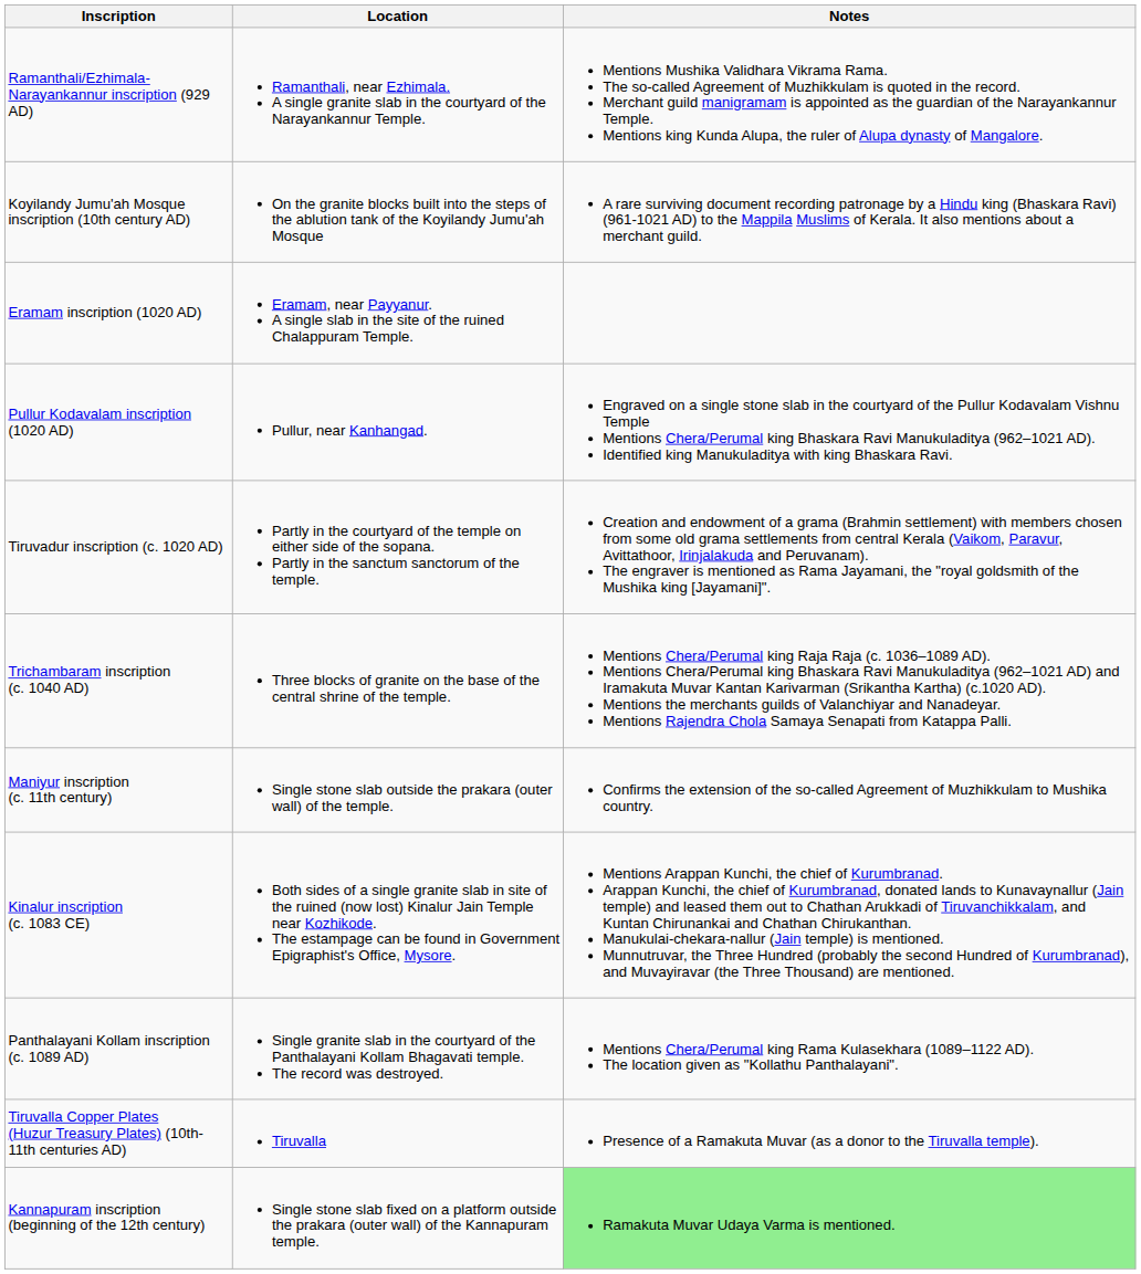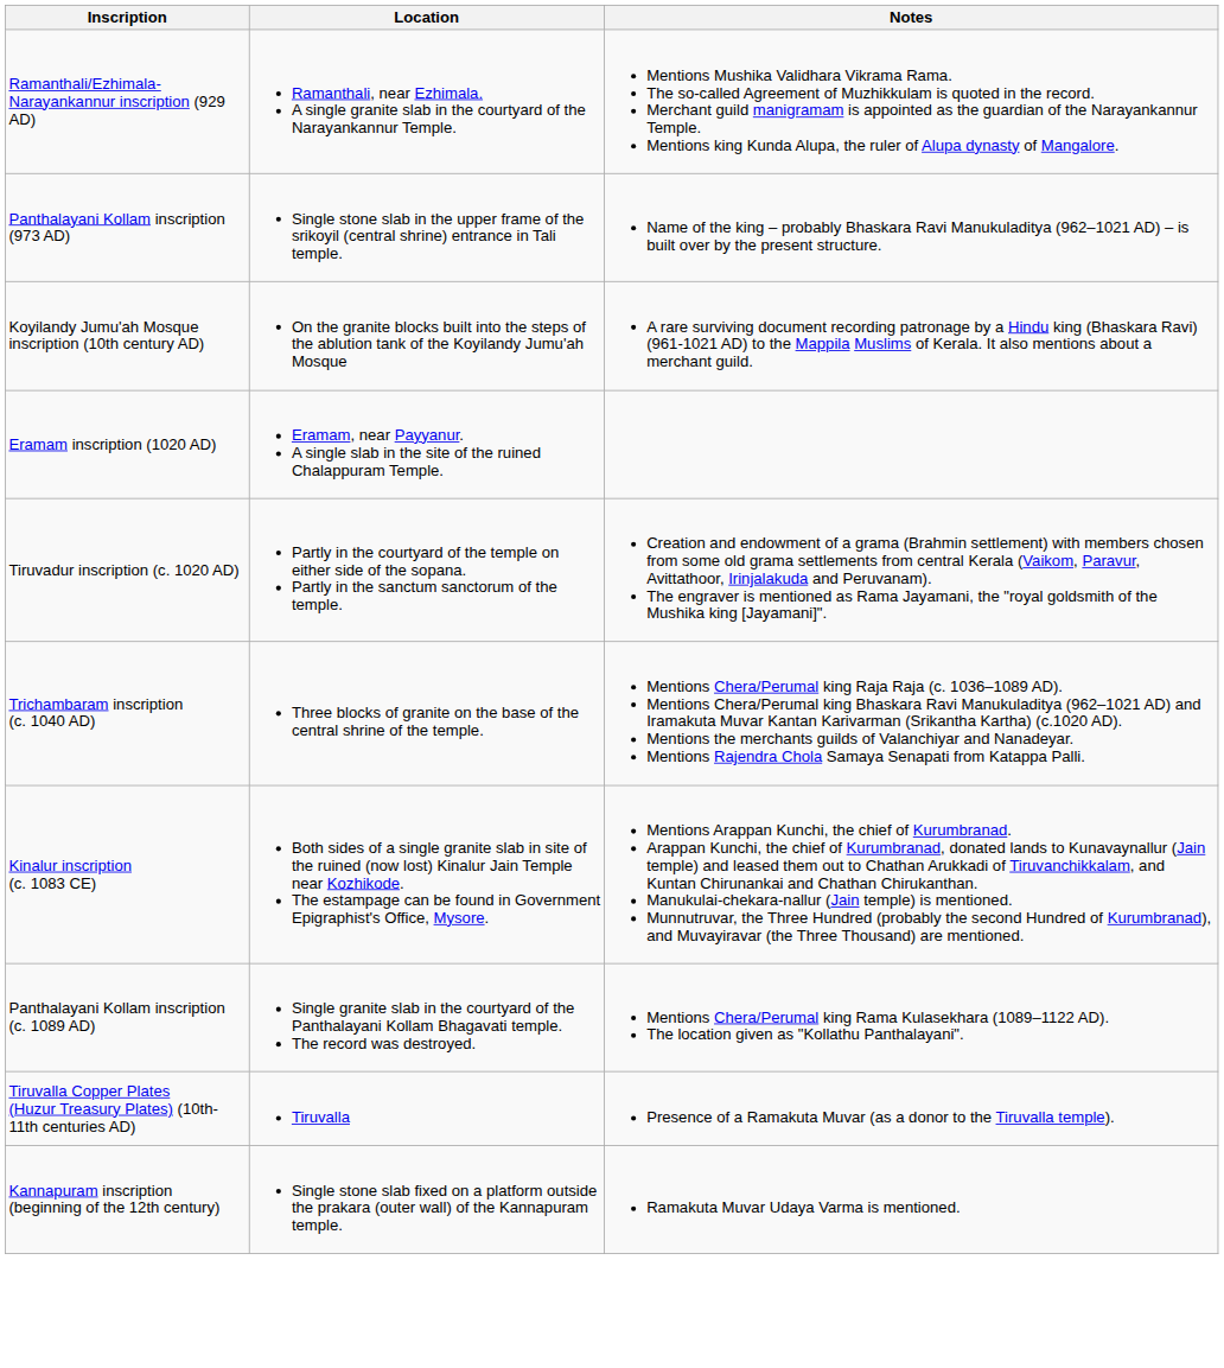 <table class="wikitable">
 <tr>
 <th>Inscription</th>
 <th>Location</th>
 <th>Notes</th>
 </tr>
 <tr>
 <td><a href='#'>Ramanthali/Ezhimala-Narayankannur inscription</a> (929 AD)</td>
 <td><br><ul><li><a href='#'>Ramanthali</a>, near <a href='#'>Ezhimala.</a></li><li>A single granite slab in the courtyard of the Narayankannur Temple.</li></ul></td>
 <td><br><ul><li>Mentions Mushika Validhara Vikrama Rama.</li><li>The so-called Agreement of Muzhikkulam is quoted in the record.</li><li>Merchant guild <a href='#'>manigramam</a> is appointed as the guardian of the Narayankannur Temple.</li><li>Mentions king Kunda Alupa, the ruler of <a href='#'>Alupa dynasty</a> of <a href='#'>Mangalore</a>.</li></ul></td>
 </tr>
 <tr>
+<td><a href='#'>Panthalayani Kollam</a> inscription (973 AD)</td>
+<td><br><ul><li>Single stone slab in the upper frame of the srikoyil (central shrine) entrance in Tali temple.</li></ul></td>
+<td><br><ul><li>Name of the king – probably Bhaskara Ravi Manukuladitya (962–1021 AD) – is built over by the present structure.</li></ul></td>
+</tr>
+<tr>
 <td>Koyilandy Jumu'ah Mosque inscription (10th century AD)</td>
 <td><br><ul><li>On the granite blocks built into the steps of the ablution tank of the Koyilandy Jumu'ah Mosque</li></ul></td>
 <td><br><ul><li>A rare surviving document recording patronage by a <a href='#'>Hindu</a> king (Bhaskara Ravi) (961-1021 AD) to the <a href='#'>Mappila</a> <a href='#'>Muslims</a> of Kerala. It also mentions about a merchant guild.</li></ul></td>
 </tr>
 <tr>
 <td><a href='#'>Eramam</a> inscription (1020 AD)</td>
 <td><br><ul><li><a href='#'>Eramam</a>, near <a href='#'>Payyanur</a>.</li><li>A single slab in the site of the ruined Chalappuram Temple.</li></ul></td>
-</tr>
-<tr>
-<td><a href='#'>Pullur Kodavalam inscription</a> (1020 AD)</td>
-<td><br><ul><li>Pullur, near <a href='#'>Kanhangad</a>.</li></ul></td>
-<td><br><ul><li>Engraved on a single stone slab in the courtyard of the Pullur Kodavalam Vishnu Temple</li><li>Mentions <a href='#'>Chera/Perumal</a> king Bhaskara Ravi Manukuladitya (962–1021 AD).</li><li>Identified king Manukuladitya with king Bhaskara Ravi.</li></ul></td>
 </tr>
 <tr>
 <td>Tiruvadur inscription (c. 1020 AD)</td>
 <td><br><ul><li>Partly in the courtyard of the temple on either side of the sopana.</li><li>Partly in the sanctum sanctorum of the temple.</li></ul></td>
 <td><br><ul><li>Creation and endowment of a grama (Brahmin settlement) with members chosen from some old grama settlements from central Kerala (<a href='#'>Vaikom</a>, <a href='#'>Paravur</a>, Avittathoor, <a href='#'>Irinjalakuda</a> and Peruvanam).</li><li>The engraver is mentioned as Rama Jayamani, the "royal goldsmith of the Mushika king [Jayamani]".</li></ul></td>
 </tr>
 <tr>
 <td><a href='#'>Trichambaram</a> inscription<br>(c. 1040 AD)</td>
 <td><br><ul><li>Three blocks of granite on the base of the central shrine of the temple.</li></ul></td>
 <td><br><ul><li>Mentions <a href='#'>Chera/Perumal</a> king Raja Raja (c. 1036–1089 AD).</li><li>Mentions Chera/Perumal king Bhaskara Ravi Manukuladitya (962–1021 AD) and Iramakuta Muvar Kantan Karivarman (Srikantha Kartha) (c.1020 AD).</li><li>Mentions the merchants guilds of Valanchiyar and Nanadeyar.</li><li>Mentions <a href='#'>Rajendra Chola</a> Samaya Senapati from Katappa Palli.</li></ul></td>
-</tr>
-<tr>
-<td><a href='#'>Maniyur</a> inscription<br>(c. 11th century)</td>
-<td><br><ul><li>Single stone slab outside the prakara (outer wall) of the temple.</li></ul></td>
-<td><br><ul><li>Confirms the extension of the so-called Agreement of Muzhikkulam to Mushika country.</li></ul></td>
 </tr>
 <tr>
 <td><a href='#'>Kinalur inscription</a><br>(c. 1083 CE)</td>
 <td><br><ul><li>Both sides of a single granite slab in site of the ruined (now lost) Kinalur Jain Temple near <a href='#'>Kozhikode</a>.</li><li>The estampage can be found in Government Epigraphist's Office, <a href='#'>Mysore</a>.</li></ul></td>
 <td><br><ul><li>Mentions Arappan Kunchi, the chief of <a href='#'>Kurumbranad</a>.</li><li>Arappan Kunchi, the chief of <a href='#'>Kurumbranad</a>, donated lands to Kunavaynallur (<a href='#'>Jain</a> temple) and leased them out to Chathan Arukkadi of <a href='#'>Tiruvanchikkalam</a>, and Kuntan Chirunankai and Chathan Chirukanthan.</li><li>Manukulai-chekara-nallur (<a href='#'>Jain</a> temple) is mentioned.</li><li>Munnutruvar, the Three Hundred (probably the second Hundred of <a href='#'>Kurumbranad</a>), and Muvayiravar (the Three Thousand) are mentioned.</li></ul></td>
 </tr>
 <tr>
 <td>Panthalayani Kollam inscription<br>(c. 1089 AD)</td>
 <td><br><ul><li>Single granite slab in the courtyard of the Panthalayani Kollam Bhagavati temple.</li><li>The record was destroyed.</li></ul></td>
 <td><br><ul><li>Mentions <a href='#'>Chera/Perumal</a> king Rama Kulasekhara (1089–1122 AD).</li><li>The location given as "Kollathu Panthalayani".</li></ul></td>
 </tr>
 <tr>
 <td><a href='#'>Tiruvalla Copper Plates</a><br><a href='#'>(Huzur Treasury Plates)</a> (10th-11th centuries AD)</td>
 <td><br><ul><li><a href='#'>Tiruvalla</a></li></ul></td>
 <td><br><ul><li>Presence of a Ramakuta Muvar (as a donor to the <a href='#'>Tiruvalla temple</a>).</li></ul></td>
 </tr>
 <tr>
 <td><a href='#'>Kannapuram</a> inscription<br>(beginning of the 12th century)</td>
 <td><br><ul><li>Single stone slab fixed on a platform outside the prakara (outer wall) of the Kannapuram temple.</li></ul></td>
-<td style="background: lightgreen;"><br><ul><li>Ramakuta Muvar Udaya Varma is mentioned.</li></ul></td>
+<td><br><ul><li>Ramakuta Muvar Udaya Varma is mentioned.</li></ul></td>
 </tr>
 </table>
